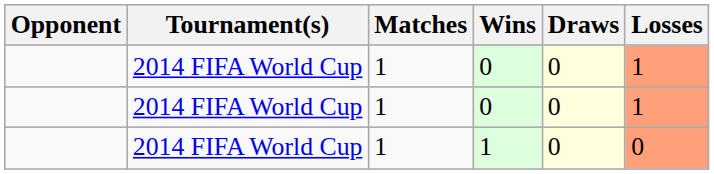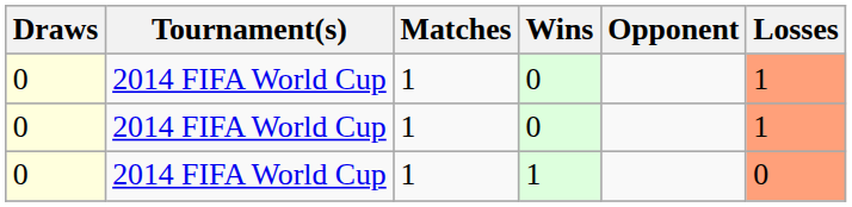 <table class="wikitable">
 <tr>
-<th>Opponent</th>
+<th>Draws</th>
 <th>Tournament(s)</th>
 <th>Matches</th>
 <th>Wins</th>
-<th>Draws</th>
+<th>Opponent</th>
 <th>Losses</th>
 </tr>
 <tr>
-<td></td>
+<td style="background:#ffffdd;">0</td>
 <td><a href='#'>2014 FIFA World Cup</a></td>
 <td>1</td>
 <td style="background:#dfd;">0</td>
-<td style="background:#ffffdd;">0</td>
+<td></td>
 <td style="background:#ffa07a;">1</td>
 </tr>
 <tr>
-<td></td>
+<td style="background:#ffffdd;">0</td>
 <td><a href='#'>2014 FIFA World Cup</a></td>
 <td>1</td>
 <td style="background:#dfd;">0</td>
-<td style="background:#ffffdd;">0</td>
+<td></td>
 <td style="background:#ffa07a;">1</td>
 </tr>
 <tr>
-<td></td>
+<td style="background:#ffffdd;">0</td>
 <td><a href='#'>2014 FIFA World Cup</a></td>
 <td>1</td>
 <td style="background:#dfd;">1</td>
-<td style="background:#ffffdd;">0</td>
+<td></td>
 <td style="background:#ffa07a;">0</td>
 </tr>
 </table>
